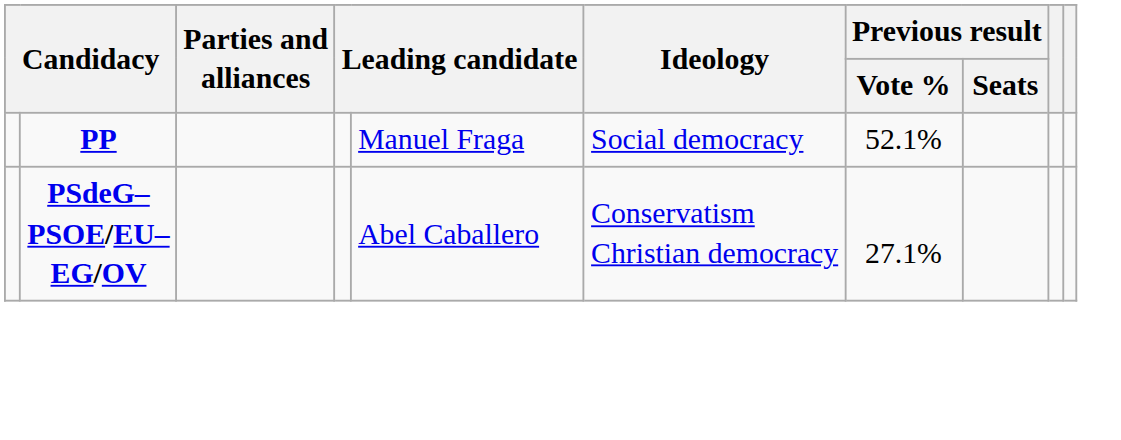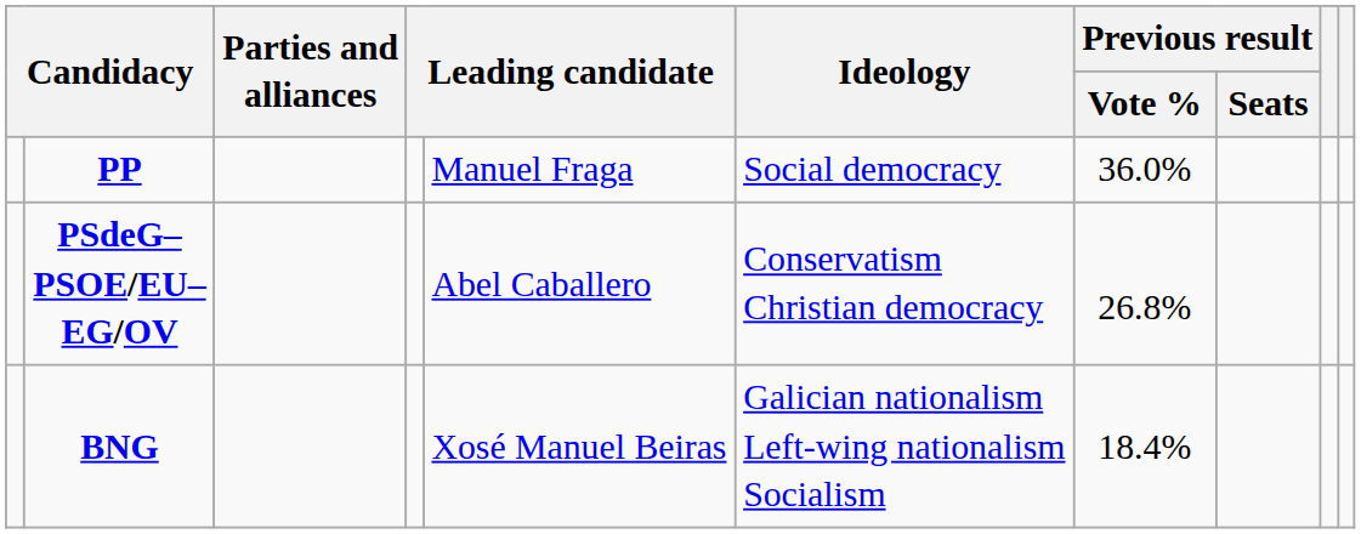 <table class="wikitable" style="line-height:1.35em; text-align:left;">
 <tr>
 <th colspan="2" rowspan="2">Candidacy</th>
 <th rowspan="2">Parties and<br>alliances</th>
 <th colspan="2" rowspan="2">Leading candidate</th>
 <th rowspan="2">Ideology</th>
 <th colspan="2">Previous result</th>
 <th rowspan="2"></th>
 <th rowspan="2"></th>
 </tr>
 <tr>
 <th>Vote %</th>
 <th>Seats</th>
 </tr>
 <tr>
 <td width="1" style="color:inherit;background:"></td>
 <td align="center"><strong><a href='#'>PP</a></strong></td>
 <td></td>
 <td></td>
 <td><a href='#'>Manuel Fraga</a></td>
 <td><a href='#'>Social democracy</a></td>
-<td align="center">52.1%</td>
+<td align="center">36.0%</td>
 <td></td>
 <td></td>
 <td></td>
 </tr>
 <tr>
 <td style="color:inherit;background:"></td>
 <td align="center"><strong><a href='#'>PSdeG–<br>PSOE</a>/<a href='#'>EU–<br>EG</a>/<a href='#'>OV</a></strong></td>
 <td></td>
 <td></td>
 <td><a href='#'>Abel Caballero</a></td>
 <td><a href='#'>Conservatism</a><br><a href='#'>Christian democracy</a></td>
-<td align="center"><br>27.1%<br></td>
+<td align="center"><br>26.8%<br></td>
 <td></td>
 <td></td>
 <td><br></td>
 </tr>
+<tr>
+<td style="color:inherit;background:"></td>
+<td align="center"><strong><a href='#'>BNG</a></strong></td>
+<td></td>
+<td></td>
+<td><a href='#'>Xosé Manuel Beiras</a></td>
+<td><a href='#'>Galician nationalism</a><br><a href='#'>Left-wing nationalism</a><br><a href='#'>Socialism</a></td>
+<td align="center">18.4%</td>
+<td></td>
+<td></td>
+<td></td>
+</tr>
 </table>
